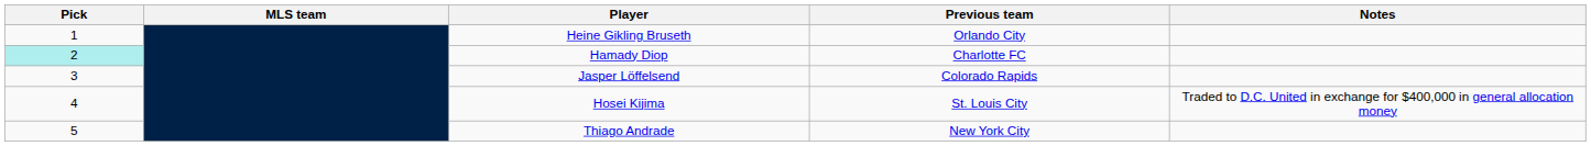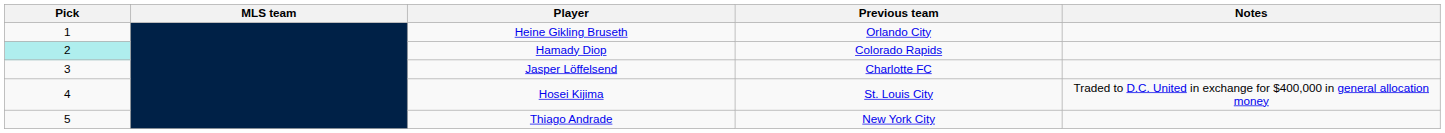 <table class="wikitable" style="text-align: center;">
 <tr>
 <th style="width:5%">Pick</th>
 <th style="width:11%">MLS team</th>
 <th style="width:13%">Player</th>
 <th style="width:13%">Previous team</th>
 <th style="width:15%">Notes</th>
 </tr>
 <tr>
 <td>1</td>
 <td rowspan=5 style="background: #002147"><strong></strong></td>
 <td><a href='#'>Heine Gikling Bruseth</a></td>
 <td><a href='#'>Orlando City</a></td>
 <td></td>
 </tr>
 <tr>
 <td style="background: paleturquoise;">2</td>
 <td><a href='#'>Hamady Diop</a></td>
-<td><a href='#'>Charlotte FC</a></td>
+<td><a href='#'>Colorado Rapids</a></td>
 <td></td>
 </tr>
 <tr>
 <td>3</td>
 <td><a href='#'>Jasper Löffelsend</a></td>
-<td><a href='#'>Colorado Rapids</a></td>
+<td><a href='#'>Charlotte FC</a></td>
 <td></td>
 </tr>
 <tr>
 <td>4</td>
 <td><a href='#'>Hosei Kijima</a></td>
 <td><a href='#'>St. Louis City</a></td>
 <td>Traded to <a href='#'>D.C. United</a> in exchange for $400,000 in <a href='#'>general allocation money</a></td>
 </tr>
 <tr>
 <td>5</td>
 <td><a href='#'>Thiago Andrade</a></td>
 <td><a href='#'>New York City</a></td>
 <td></td>
 </tr>
 </table>
